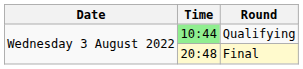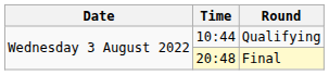 <table class="wikitable">
 <tr>
 <th>Date</th>
 <th>Time</th>
 <th>Round</th>
 </tr>
 <tr>
 <td rowspan=2>Wednesday 3 August 2022</td>
-<td style="background: lightgreen;">10:44</td>
+<td>10:44</td>
 <td>Qualifying</td>
 </tr>
 <tr>
 <td style=background:lemonchiffon>20:48</td>
 <td style=background:lemonchiffon>Final</td>
 </tr>
 </table>
